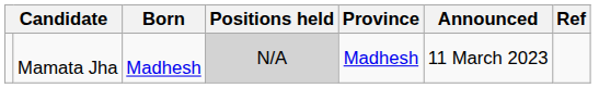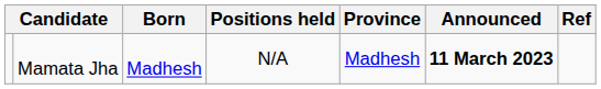 <table class="wikitable sortable"  style="text-align:center">
 <tr>
 <th colspan="2">Candidate</th>
 <th>Born</th>
 <th>Positions held</th>
 <th>Province</th>
 <th>Announced</th>
 <th class="unsortable">Ref</th>
 </tr>
 <tr>
 <td></td>
 <td><br>Mamata Jha</td>
 <td><br><a href='#'>Madhesh</a></td>
-<td data-sort-value="Speaker" style="background: lightgrey;">N/A</td>
+<td data-sort-value="Speaker">N/A</td>
 <td><a href='#'>Madhesh</a></td>
-<td>11 March 2023</td>
+<td><strong>11 March 2023</strong></td>
 <td></td>
 </tr>
 </table>
